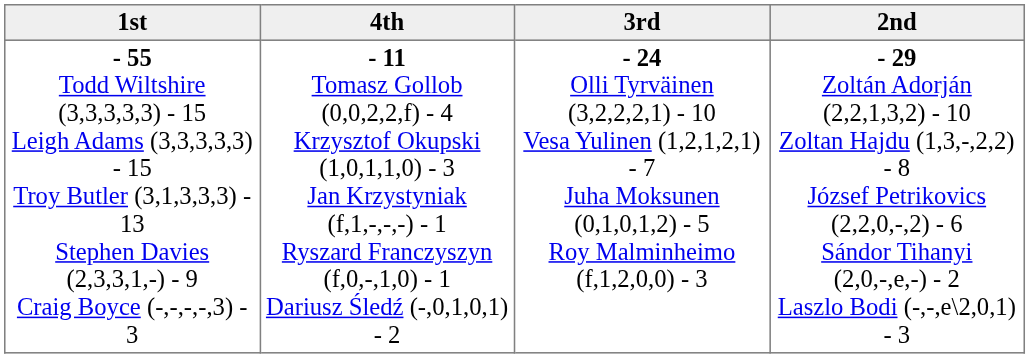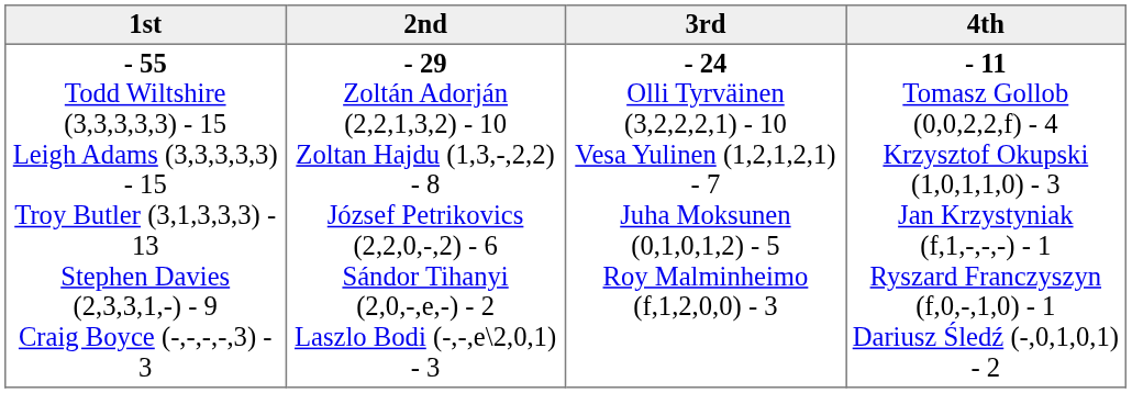 <table border="1" cellpadding="2" cellspacing="0" style="width:75%; border-collapse:collapse">
 <tr style="text-align:center; background:#efefef;">
 <th width=20% >1st</th>
+<th width=20% >2nd</th>
+<th width=20% >3rd</th>
 <th width=20%>4th</th>
-<th width=20% >3rd</th>
-<th width=20% >2nd</th>
 </tr>
 <tr align=center>
 <td valign=top ><strong> - 55</strong><br><a href='#'>Todd Wiltshire</a> (3,3,3,3,3) - 15<br><a href='#'>Leigh Adams</a> (3,3,3,3,3) - 15<br><a href='#'>Troy Butler</a> (3,1,3,3,3) - 13<br><a href='#'>Stephen Davies</a> (2,3,3,1,-) - 9<br><a href='#'>Craig Boyce</a> (-,-,-,-,3) - 3</td>
+<td valign=top ><strong> - 29</strong><br><a href='#'>Zoltán Adorján</a> (2,2,1,3,2) - 10<br><a href='#'>Zoltan Hajdu</a> (1,3,-,2,2) - 8<br><a href='#'>József Petrikovics</a> (2,2,0,-,2) - 6<br><a href='#'>Sándor Tihanyi</a> (2,0,-,e,-) - 2<br><a href='#'>Laszlo Bodi</a> (-,-,e\2,0,1) - 3</td>
+<td valign=top ><strong> - 24</strong><br><a href='#'>Olli Tyrväinen</a> (3,2,2,2,1) - 10<br><a href='#'>Vesa Yulinen</a> (1,2,1,2,1) - 7<br><a href='#'>Juha Moksunen</a> (0,1,0,1,2) - 5<br><a href='#'>Roy Malminheimo</a> (f,1,2,0,0) - 3</td>
 <td valign=top><strong> - 11</strong><br><a href='#'>Tomasz Gollob</a> (0,0,2,2,f) - 4<br><a href='#'>Krzysztof Okupski</a> (1,0,1,1,0) - 3<br><a href='#'>Jan Krzystyniak</a> (f,1,-,-,-) - 1<br><a href='#'>Ryszard Franczyszyn</a> (f,0,-,1,0) - 1<br><a href='#'>Dariusz Śledź</a> (-,0,1,0,1) - 2</td>
-<td valign=top ><strong> - 24</strong><br><a href='#'>Olli Tyrväinen</a> (3,2,2,2,1) - 10<br><a href='#'>Vesa Yulinen</a> (1,2,1,2,1) - 7<br><a href='#'>Juha Moksunen</a> (0,1,0,1,2) - 5<br><a href='#'>Roy Malminheimo</a> (f,1,2,0,0) - 3</td>
-<td valign=top ><strong> - 29</strong><br><a href='#'>Zoltán Adorján</a> (2,2,1,3,2) - 10<br><a href='#'>Zoltan Hajdu</a> (1,3,-,2,2) - 8<br><a href='#'>József Petrikovics</a> (2,2,0,-,2) - 6<br><a href='#'>Sándor Tihanyi</a> (2,0,-,e,-) - 2<br><a href='#'>Laszlo Bodi</a> (-,-,e\2,0,1) - 3</td>
 </tr>
 </table>
